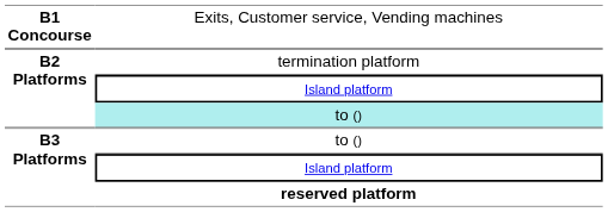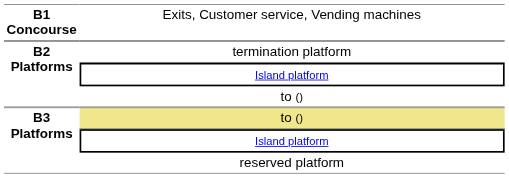 <table table border=0 cellspacing=0 cellpadding=3>
 <tr>
 <td style="border-bottom:solid 1px gray; border-top:solid 1px gray;text-align:center" valign=top><strong>B1<br>Concourse</strong></td>
 <td style="border-bottom:solid 1px gray; border-top:solid 1px gray;text-align:center;" valign=top width=500>Exits, Customer service, Vending machines</td>
 </tr>
 <tr>
 <td style="border-bottom:solid 1px gray; border-top:solid 1px gray;text-align:center" rowspan="3" valign=top><strong>B2<br>Platforms</strong></td>
 <td style="border-bottom:solid 1px gray; border-top:solid 1px gray;text-align:center;">  termination platform</td>
 </tr>
 <tr>
 <td style="border-right:solid 2px black;border-left:solid 2px black;border-top:solid 2px black;border-bottom:solid 2px black;text-align:center;" colspan=2><small><a href='#'>Island platform</a></small></td>
 </tr>
 <tr>
-<td style="background: paleturquoise; border-bottom:solid 1px gray;text-align:center;"> to  <small>()</small> </td>
+<td style="border-bottom:solid 1px gray;text-align:center;"> to  <small>()</small> </td>
 </tr>
 <tr>
 <td style="border-bottom:solid 1px gray; border-top:solid 1px gray;text-align:center" rowspan="3" valign=top><strong>B3<br>Platforms</strong></td>
-<td style="border-bottom:solid 1px gray; border-top:solid 1px gray;text-align:center;">  to  <small>()</small></td>
+<td style="background: khaki; border-bottom:solid 1px gray; border-top:solid 1px gray;text-align:center;">  to  <small>()</small></td>
 </tr>
 <tr>
 <td style="border-right:solid 2px black;border-left:solid 2px black;border-top:solid 2px black;border-bottom:solid 2px black;text-align:center;" colspan=2><small><a href='#'>Island platform</a></small></td>
 </tr>
 <tr>
-<td style="border-bottom:solid 1px gray;text-align:center;"><strong> reserved platform</strong></td>
+<td style="border-bottom:solid 1px gray;text-align:center;"> reserved platform</td>
 </tr>
 </table>
